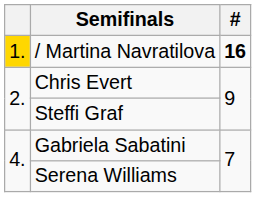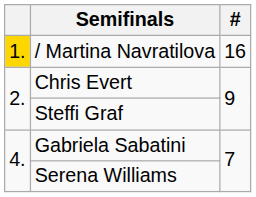 <table class="wikitable">
 <tr>
 <th></th>
 <th>Semifinals</th>
 <th>#</th>
 </tr>
 <tr>
 <td style="background: gold;">1.</td>
 <td>/ Martina Navratilova</td>
-<td><strong>16</strong></td>
+<td>16</td>
 </tr>
 <tr>
 <td rowspan=2>2.</td>
 <td> Chris Evert</td>
 <td rowspan=2>9</td>
 </tr>
 <tr>
 <td> Steffi Graf</td>
 </tr>
 <tr>
 <td rowspan=2>4.</td>
 <td> Gabriela Sabatini</td>
 <td rowspan=2>7</td>
 </tr>
 <tr>
 <td> Serena Williams</td>
 </tr>
 </table>
